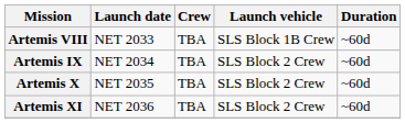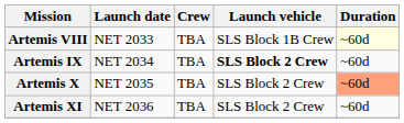 <table class="wikitable sortable">
 <tr>
 <th>Mission</th>
 <th>Launch date</th>
 <th>Crew</th>
 <th>Launch vehicle</th>
 <th>Duration</th>
 </tr>
 <tr>
 <th>Artemis VIII</th>
 <td>NET 2033</td>
 <td>TBA</td>
 <td>SLS Block 1B Crew</td>
-<td>~60d</td>
+<td style="background: lightyellow;">~60d</td>
 </tr>
 <tr>
 <th>Artemis IX</th>
 <td>NET 2034</td>
 <td>TBA</td>
-<td>SLS Block 2 Crew</td>
+<td><strong>SLS Block 2 Crew</strong></td>
 <td>~60d</td>
 </tr>
 <tr>
 <th>Artemis X</th>
 <td>NET 2035</td>
 <td>TBA</td>
 <td>SLS Block 2 Crew</td>
-<td>~60d</td>
+<td style="background: lightsalmon;">~60d</td>
 </tr>
 <tr>
 <th>Artemis XI</th>
 <td>NET 2036</td>
 <td>TBA</td>
 <td>SLS Block 2 Crew</td>
 <td>~60d</td>
 </tr>
 <tr>
 </tr>
 </table>
